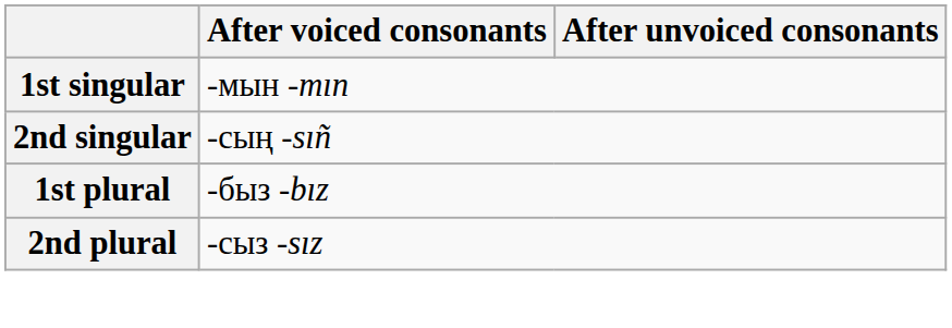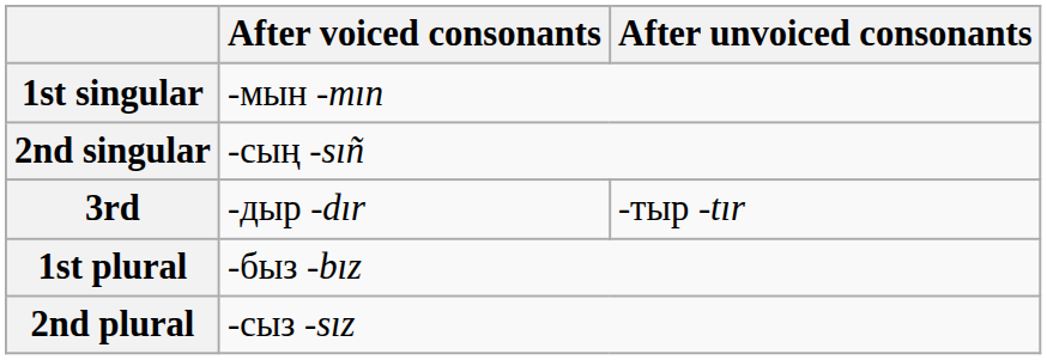 <table class="wikitable">
 <tr>
 <th></th>
 <th>After voiced consonants</th>
 <th>After unvoiced consonants</th>
 </tr>
 <tr>
 <th>1st singular</th>
 <td colspan=2>-мын <em>-mın</em></td>
 </tr>
 <tr>
 <th>2nd singular</th>
 <td colspan=2>-сың <em>-sıñ</em></td>
 </tr>
 <tr>
+<th>3rd</th>
+<td>-дыр <em>-dır</em></td>
+<td>-тыр <em>-tır</em></td>
+</tr>
+<tr>
 <th>1st plural</th>
 <td colspan=2>-быз <em>-bız</em></td>
 </tr>
 <tr>
 <th>2nd plural</th>
 <td colspan=2>-сыз <em>-sız</em></td>
 </tr>
 </table>
